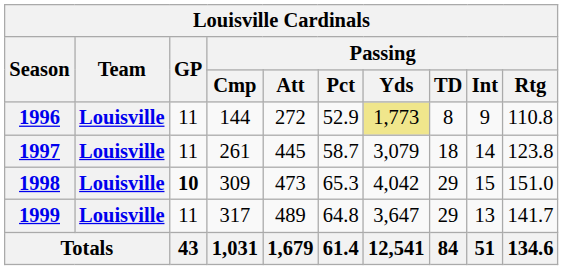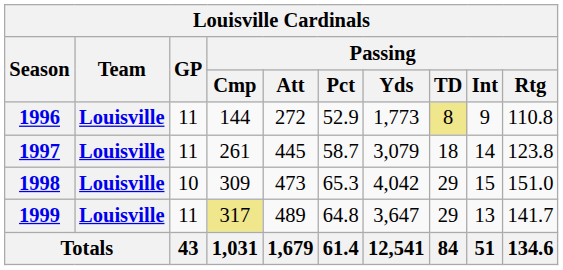 <table class="wikitable" style="text-align:center;">
 <tr>
 <th colspan="10">Louisville Cardinals</th>
 </tr>
 <tr>
 <th rowspan="2">Season</th>
 <th rowspan="2">Team</th>
 <th rowspan="2">GP</th>
 <th colspan="7">Passing</th>
 </tr>
 <tr>
 <th>Cmp</th>
 <th>Att</th>
 <th>Pct</th>
 <th>Yds</th>
 <th>TD</th>
 <th>Int</th>
 <th>Rtg</th>
 </tr>
 <tr>
 <th><a href='#'>1996</a></th>
 <th><a href='#'>Louisville</a></th>
 <td>11</td>
 <td>144</td>
 <td>272</td>
 <td>52.9</td>
-<td style="background: khaki;">1,773</td>
-<td>8</td>
+<td>1,773</td>
+<td style="background: khaki;">8</td>
 <td>9</td>
 <td>110.8</td>
 </tr>
 <tr>
 <th><a href='#'>1997</a></th>
 <th><a href='#'>Louisville</a></th>
 <td>11</td>
 <td>261</td>
 <td>445</td>
 <td>58.7</td>
 <td>3,079</td>
 <td>18</td>
 <td>14</td>
 <td>123.8</td>
 </tr>
 <tr>
 <th><a href='#'>1998</a></th>
 <th><a href='#'>Louisville</a></th>
-<td><strong>10</strong></td>
+<td>10</td>
 <td>309</td>
 <td>473</td>
 <td>65.3</td>
 <td>4,042</td>
 <td>29</td>
 <td>15</td>
 <td>151.0</td>
 </tr>
 <tr>
 <th><a href='#'>1999</a></th>
 <th><a href='#'>Louisville</a></th>
 <td>11</td>
-<td>317</td>
+<td style="background: khaki;">317</td>
 <td>489</td>
 <td>64.8</td>
 <td>3,647</td>
 <td>29</td>
 <td>13</td>
 <td>141.7</td>
 </tr>
 <tr>
 <th colspan="2">Totals</th>
 <th>43</th>
 <th>1,031</th>
 <th>1,679</th>
 <th>61.4</th>
 <th>12,541</th>
 <th>84</th>
 <th>51</th>
 <th>134.6</th>
 </tr>
 </table>
